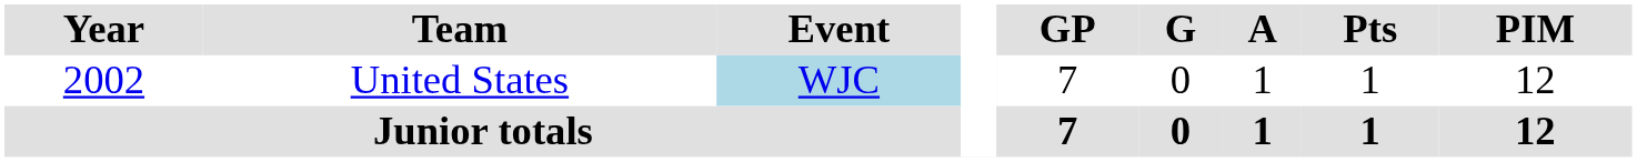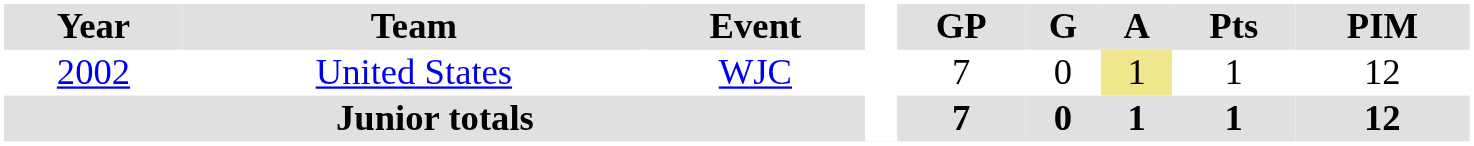 <table border="0" cellpadding="1" cellspacing="0" style="text-align:center; width:40em">
 <tr ALIGN="center" bgcolor="#e0e0e0">
 <th>Year</th>
 <th>Team</th>
 <th>Event</th>
 <th rowspan="99" bgcolor="#ffffff"> </th>
 <th>GP</th>
 <th>G</th>
 <th>A</th>
 <th>Pts</th>
 <th>PIM</th>
 </tr>
 <tr>
 <td><a href='#'>2002</a></td>
 <td><a href='#'>United States</a></td>
-<td style="background: lightblue;"><a href='#'>WJC</a></td>
+<td><a href='#'>WJC</a></td>
 <td>7</td>
 <td>0</td>
-<td>1</td>
+<td style="background: khaki;">1</td>
 <td>1</td>
 <td>12</td>
 </tr>
 <tr bgcolor="#e0e0e0">
 <th colspan="3">Junior totals</th>
 <th>7</th>
 <th>0</th>
 <th>1</th>
 <th>1</th>
 <th>12</th>
 </tr>
 </table>
